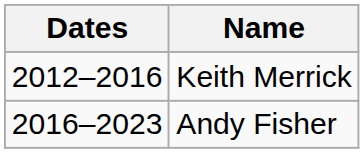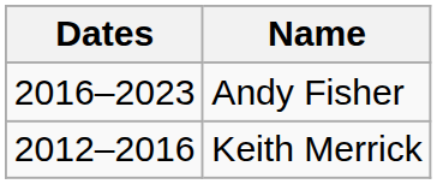 <table class="wikitable">
 <tr>
 <th>Dates</th>
 <th>Name</th>
 </tr>
 <tr>
+<td>2016–2023</td>
+<td> Andy Fisher</td>
+</tr>
+<tr>
 <td>2012–2016</td>
 <td> Keith Merrick</td>
 </tr>
-<tr>
-<td>2016–2023</td>
-<td> Andy Fisher</td>
-</tr>
 </table>
